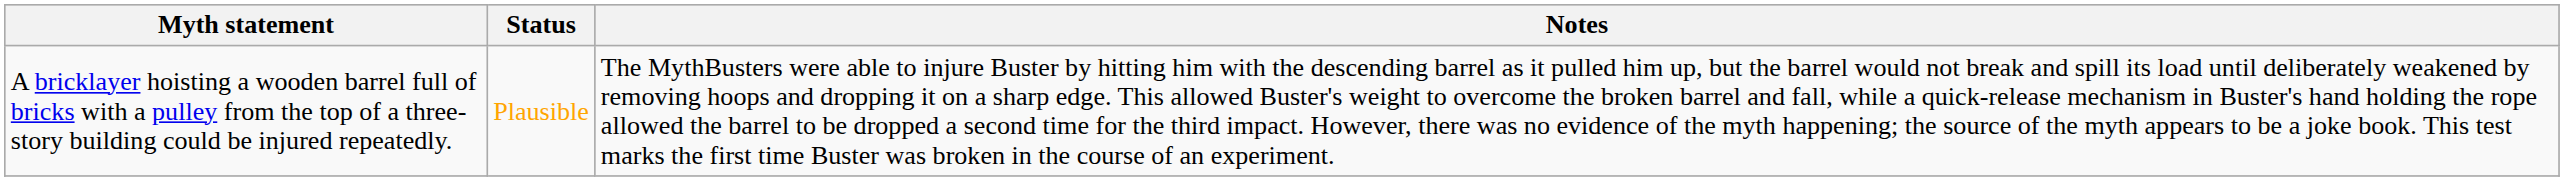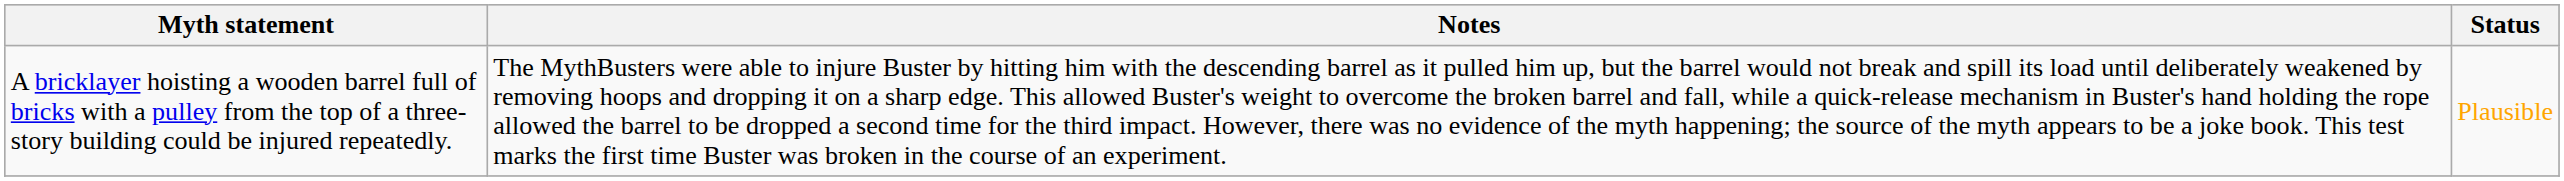 <table class="wikitable">
 <tr>
 <th>Myth statement</th>
+<th>Notes</th>
 <th>Status</th>
-<th>Notes</th>
 </tr>
 <tr>
 <td>A <a href='#'>bricklayer</a> hoisting a wooden barrel full of <a href='#'>bricks</a> with a <a href='#'>pulley</a> from the top of a three-story building could be injured repeatedly.</td>
+<td>The MythBusters were able to injure Buster by hitting him with the descending barrel as it pulled him up, but the barrel would not break and spill its load until deliberately weakened by removing hoops and dropping it on a sharp edge. This allowed Buster's weight to overcome the broken barrel and fall, while a quick-release mechanism in Buster's hand holding the rope allowed the barrel to be dropped a second time for the third impact. However, there was no evidence of the myth happening; the source of the myth appears to be a joke book. This test marks the first time Buster was broken in the course of an experiment.</td>
 <td style="color:orange">Plausible</td>
-<td>The MythBusters were able to injure Buster by hitting him with the descending barrel as it pulled him up, but the barrel would not break and spill its load until deliberately weakened by removing hoops and dropping it on a sharp edge. This allowed Buster's weight to overcome the broken barrel and fall, while a quick-release mechanism in Buster's hand holding the rope allowed the barrel to be dropped a second time for the third impact. However, there was no evidence of the myth happening; the source of the myth appears to be a joke book. This test marks the first time Buster was broken in the course of an experiment.</td>
 </tr>
 </table>
